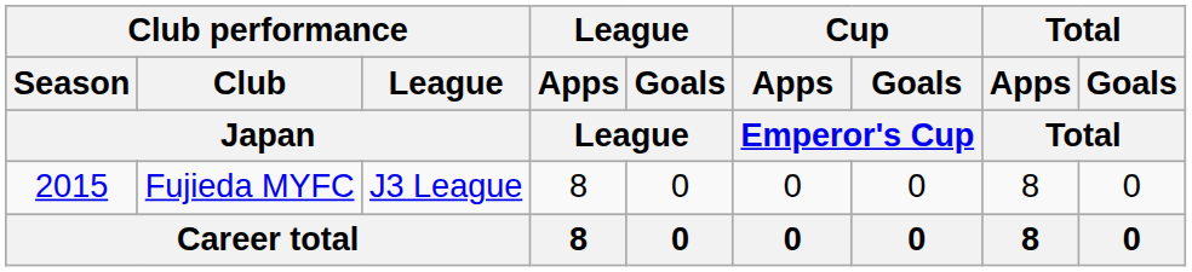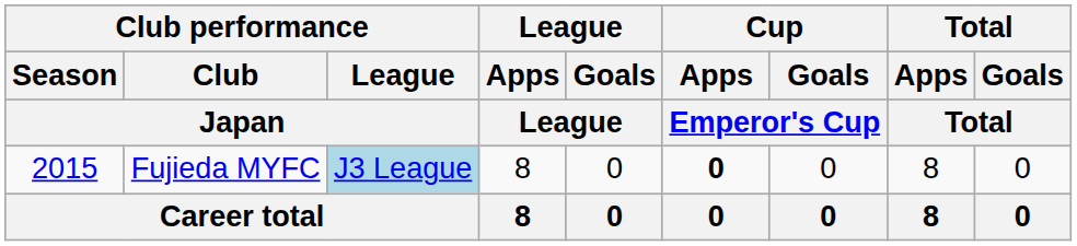 <table class="wikitable" style="text-align:center">
 <tr>
 <th colspan=3>Club performance</th>
 <th colspan=2>League</th>
 <th colspan=2>Cup</th>
 <th colspan=2>Total</th>
 </tr>
 <tr>
 <th>Season</th>
 <th>Club</th>
 <th>League</th>
 <th>Apps</th>
 <th>Goals</th>
 <th>Apps</th>
 <th>Goals</th>
 <th>Apps</th>
 <th>Goals</th>
 </tr>
 <tr>
 <th colspan=3>Japan</th>
 <th colspan=2>League</th>
 <th colspan=2><a href='#'>Emperor's Cup</a></th>
 <th colspan=2>Total</th>
 </tr>
 <tr>
 <td><a href='#'>2015</a></td>
 <td rowspan="1"><a href='#'>Fujieda MYFC</a></td>
-<td rowspan="1"><a href='#'>J3 League</a></td>
+<td rowspan="1" style="background: lightblue;"><a href='#'>J3 League</a></td>
 <td>8</td>
 <td>0</td>
-<td>0</td>
+<td><strong>0</strong></td>
 <td>0</td>
 <td>8</td>
 <td>0</td>
 </tr>
 <tr>
 <th colspan=3>Career total</th>
 <th>8</th>
 <th>0</th>
 <th>0</th>
 <th>0</th>
 <th>8</th>
 <th>0</th>
 </tr>
 </table>
